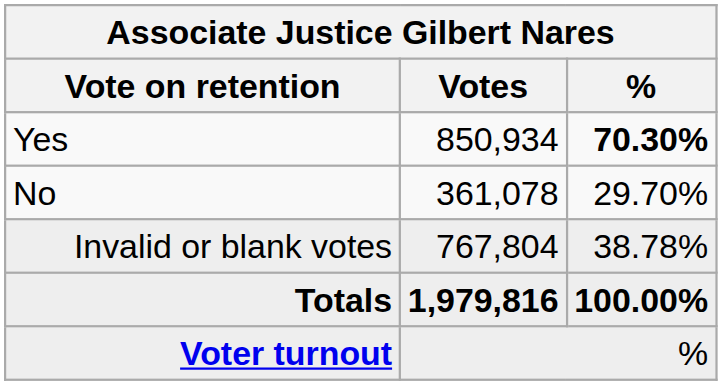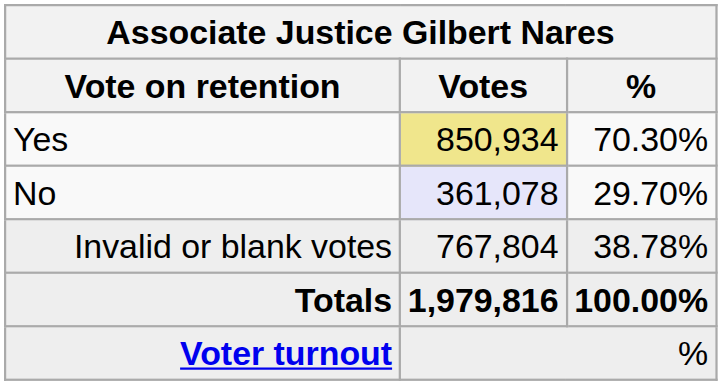 <table class="wikitable" style="font-size: 95%;">
 <tr style="background-color:#E9E9E9">
 <th colspan=7>Associate Justice Gilbert Nares</th>
 </tr>
 <tr style="background-color:#E9E9E9">
 <th style="width: 170px">Vote on retention</th>
 <th style="width: 50px">Votes</th>
 <th style="width: 40px">%</th>
 </tr>
 <tr>
 <td>Yes</td>
-<td align="right">850,934</td>
-<td align="right"><strong>70.30%</strong></td>
+<td align="right" style="background: khaki;">850,934</td>
+<td align="right">70.30%</td>
 </tr>
 <tr>
 <td>No</td>
-<td align="right">361,078</td>
+<td align="right" style="background: lavender;">361,078</td>
 <td align="right">29.70%</td>
 </tr>
 <tr bgcolor="#EEEEEE">
 <td align="right">Invalid or blank votes</td>
 <td align="right">767,804</td>
 <td align="right">38.78%</td>
 </tr>
 <tr bgcolor="#EEEEEE">
 <td align="right"><strong>Totals</strong></td>
 <td align="right"><strong>1,979,816</strong></td>
 <td align="right"><strong>100.00%</strong></td>
 </tr>
 <tr bgcolor="#EEEEEE">
 <td align="right"><strong><a href='#'>Voter turnout</a></strong></td>
 <td colspan="2" align="right">%</td>
 </tr>
 </table>
